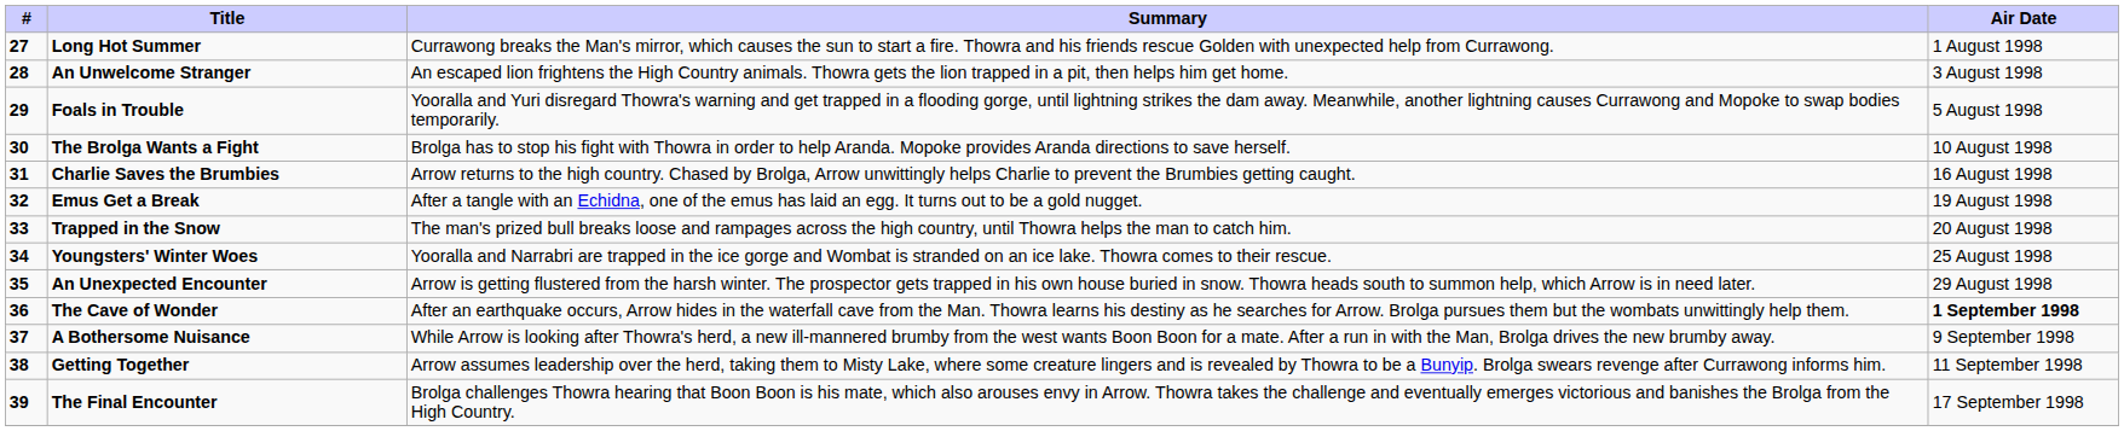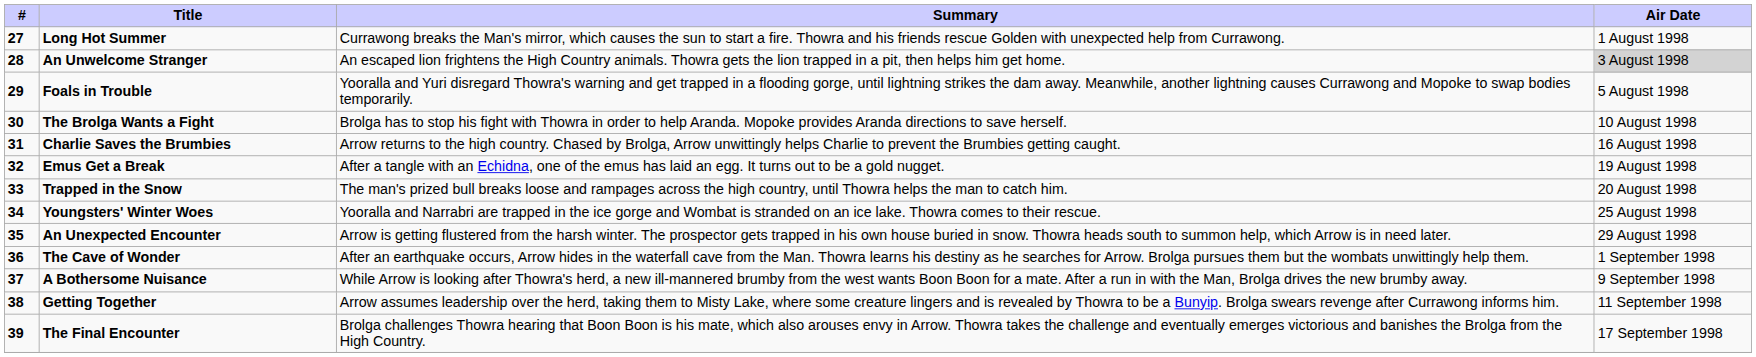 <table class="wikitable" style="width:99%;">
 <tr>
 <th style="background:#ccf; width:2%;"><strong>#</strong></th>
 <th style="background:#ccf; width:17%;"><strong>Title</strong></th>
 <th style="background:#ccf;"><strong>Summary</strong></th>
 <th style="background:#ccf; width:9%;"><strong>Air Date</strong></th>
 </tr>
 <tr>
 <td><strong>27</strong></td>
 <td><strong>Long Hot Summer</strong></td>
 <td>Currawong breaks the Man's mirror, which causes the sun to start a fire. Thowra and his friends rescue Golden with unexpected help from Currawong.</td>
 <td>1 August 1998</td>
 </tr>
 <tr>
 <td><strong>28</strong></td>
 <td><strong>An Unwelcome Stranger</strong></td>
 <td>An escaped lion frightens the High Country animals. Thowra gets the lion trapped in a pit, then helps him get home.</td>
-<td>3 August 1998</td>
+<td style="background: lightgrey;">3 August 1998</td>
 </tr>
 <tr>
 <td><strong>29</strong></td>
 <td><strong>Foals in Trouble</strong></td>
 <td>Yooralla and Yuri disregard Thowra's warning and get trapped in a flooding gorge, until lightning strikes the dam away. Meanwhile, another lightning causes Currawong and Mopoke to swap bodies temporarily.</td>
 <td>5 August 1998</td>
 </tr>
 <tr>
 <td><strong>30</strong></td>
 <td><strong>The Brolga Wants a Fight</strong></td>
 <td>Brolga has to stop his fight with Thowra in order to help Aranda. Mopoke provides Aranda directions to save herself.</td>
 <td>10 August 1998</td>
 </tr>
 <tr>
 <td><strong>31</strong></td>
 <td><strong>Charlie Saves the Brumbies</strong></td>
 <td>Arrow returns to the high country. Chased by Brolga, Arrow unwittingly helps Charlie to prevent the Brumbies getting caught.</td>
 <td>16 August 1998</td>
 </tr>
 <tr>
 <td><strong>32</strong></td>
 <td><strong>Emus Get a Break</strong></td>
 <td>After a tangle with an <a href='#'>Echidna</a>, one of the emus has laid an egg. It turns out to be a gold nugget.</td>
 <td>19 August 1998</td>
 </tr>
 <tr>
 <td><strong>33</strong></td>
 <td><strong>Trapped in the Snow</strong></td>
 <td>The man's prized bull breaks loose and rampages across the high country, until Thowra helps the man to catch him.</td>
 <td>20 August 1998</td>
 </tr>
 <tr>
 <td><strong>34</strong></td>
 <td><strong>Youngsters' Winter Woes</strong></td>
 <td>Yooralla and Narrabri are trapped in the ice gorge and Wombat is stranded on an ice lake. Thowra comes to their rescue.</td>
 <td>25 August 1998</td>
 </tr>
 <tr>
 <td><strong>35</strong></td>
 <td><strong>An Unexpected Encounter</strong></td>
 <td>Arrow is getting flustered from the harsh winter. The prospector gets trapped in his own house buried in snow. Thowra heads south to summon help, which Arrow is in need later.</td>
 <td>29 August 1998</td>
 </tr>
 <tr>
 <td><strong>36</strong></td>
 <td><strong>The Cave of Wonder</strong></td>
 <td>After an earthquake occurs, Arrow hides in the waterfall cave from the Man. Thowra learns his destiny as he searches for Arrow. Brolga pursues them but the wombats unwittingly help them.</td>
-<td><strong>1 September 1998</strong></td>
+<td>1 September 1998</td>
 </tr>
 <tr>
 <td><strong>37</strong></td>
 <td><strong>A Bothersome Nuisance</strong></td>
 <td>While Arrow is looking after Thowra's herd, a new ill-mannered brumby from the west wants Boon Boon for a mate. After a run in with the Man, Brolga drives the new brumby away.</td>
 <td>9 September 1998</td>
 </tr>
 <tr>
 <td><strong>38</strong></td>
 <td><strong>Getting Together</strong></td>
 <td>Arrow assumes leadership over the herd, taking them to Misty Lake, where some creature lingers and is revealed by Thowra to be a <a href='#'>Bunyip</a>. Brolga swears revenge after Currawong informs him.</td>
 <td>11 September 1998</td>
 </tr>
 <tr>
 <td><strong>39</strong></td>
 <td><strong>The Final Encounter</strong></td>
 <td>Brolga challenges Thowra hearing that Boon Boon is his mate, which also arouses envy in Arrow. Thowra takes the challenge and eventually emerges victorious and banishes the Brolga from the High Country.</td>
 <td>17 September 1998</td>
 </tr>
 <tr>
 </tr>
 </table>
